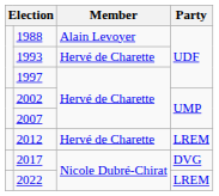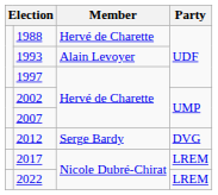 <table class="wikitable">
 <tr>
 <th colspan=2>Election</th>
 <th>Member</th>
 <th>Party</th>
 </tr>
 <tr>
 <td rowspan="3" style="background-color: "></td>
 <td><a href='#'>1988</a></td>
-<td><a href='#'>Alain Levoyer</a></td>
+<td><a href='#'>Hervé de Charette</a></td>
 <td rowspan="3"><a href='#'>UDF</a></td>
 </tr>
 <tr>
 <td><a href='#'>1993</a></td>
-<td><a href='#'>Hervé de Charette</a></td>
+<td><a href='#'>Alain Levoyer</a></td>
 </tr>
 <tr>
 <td><a href='#'>1997</a></td>
 <td rowspan="3"><a href='#'>Hervé de Charette</a></td>
 </tr>
 <tr>
 <td rowspan="2" style="background-color: "></td>
 <td><a href='#'>2002</a></td>
 <td rowspan="2"><a href='#'>UMP</a></td>
 </tr>
 <tr>
 <td><a href='#'>2007</a></td>
 </tr>
 <tr>
 <td style="background-color: "></td>
 <td><a href='#'>2012</a></td>
-<td><a href='#'>Hervé de Charette</a></td>
-<td><a href='#'>LREM</a></td>
+<td><a href='#'>Serge Bardy</a></td>
+<td><a href='#'>DVG</a></td>
 </tr>
 <tr>
 <td style="background-color: "></td>
 <td><a href='#'>2017</a></td>
 <td rowspan="2"><a href='#'>Nicole Dubré-Chirat</a></td>
-<td><a href='#'>DVG</a></td>
+<td><a href='#'>LREM</a></td>
 </tr>
 <tr>
 <td style="background-color: "></td>
 <td><a href='#'>2022</a></td>
 <td><a href='#'>LREM</a></td>
 </tr>
 </table>
